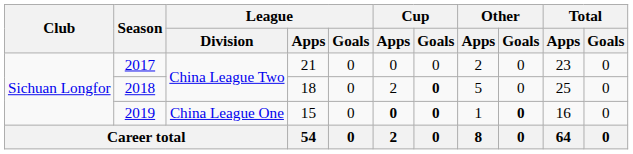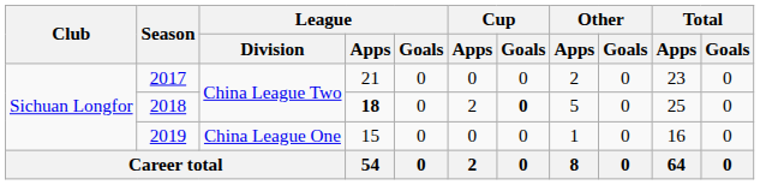 <table class=wikitable style=text-align:center>
 <tr>
 <th rowspan="2">Club</th>
 <th rowspan="2">Season</th>
 <th colspan="3">League</th>
 <th colspan="2">Cup</th>
 <th colspan="2">Other</th>
 <th colspan="2">Total</th>
 </tr>
 <tr>
 <th>Division</th>
 <th>Apps</th>
 <th>Goals</th>
 <th>Apps</th>
 <th>Goals</th>
 <th>Apps</th>
 <th>Goals</th>
 <th>Apps</th>
 <th>Goals</th>
 </tr>
 <tr>
 <td rowspan="3"><a href='#'>Sichuan Longfor</a></td>
 <td><a href='#'>2017</a></td>
 <td rowspan="2"><a href='#'>China League Two</a></td>
 <td>21</td>
 <td>0</td>
 <td>0</td>
 <td>0</td>
 <td>2</td>
 <td>0</td>
 <td>23</td>
 <td>0</td>
 </tr>
 <tr>
 <td><a href='#'>2018</a></td>
-<td>18</td>
+<td><strong>18</strong></td>
 <td>0</td>
 <td>2</td>
 <td><strong>0</strong></td>
 <td>5</td>
 <td>0</td>
 <td>25</td>
 <td>0</td>
 </tr>
 <tr>
 <td><a href='#'>2019</a></td>
 <td><a href='#'>China League One</a></td>
 <td>15</td>
 <td>0</td>
-<td><strong>0</strong></td>
-<td><strong>0</strong></td>
+<td>0</td>
+<td>0</td>
 <td>1</td>
-<td><strong>0</strong></td>
+<td>0</td>
 <td>16</td>
 <td>0</td>
 </tr>
 <tr>
 <th colspan=3>Career total</th>
 <th>54</th>
 <th>0</th>
 <th>2</th>
 <th>0</th>
 <th>8</th>
 <th>0</th>
 <th>64</th>
 <th>0</th>
 </tr>
 </table>
